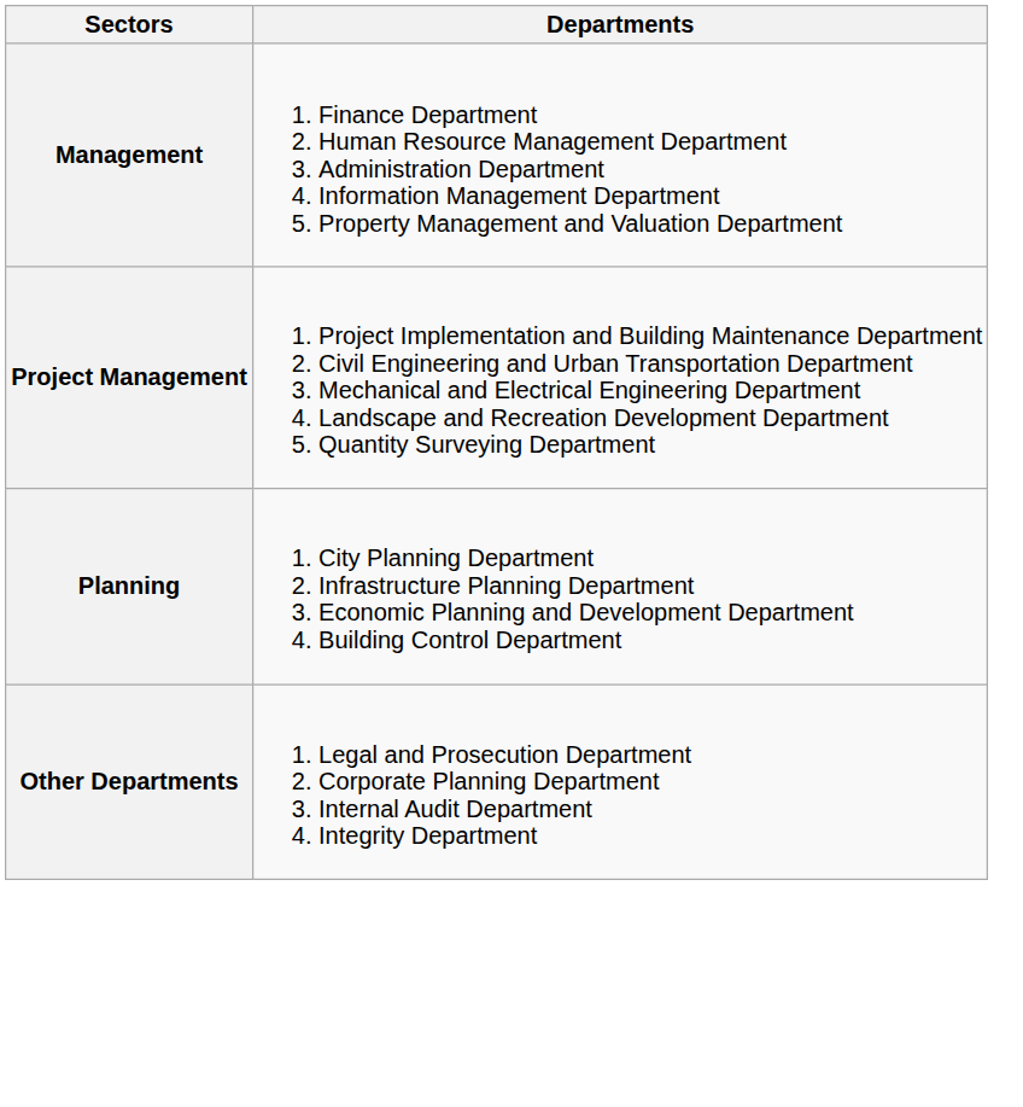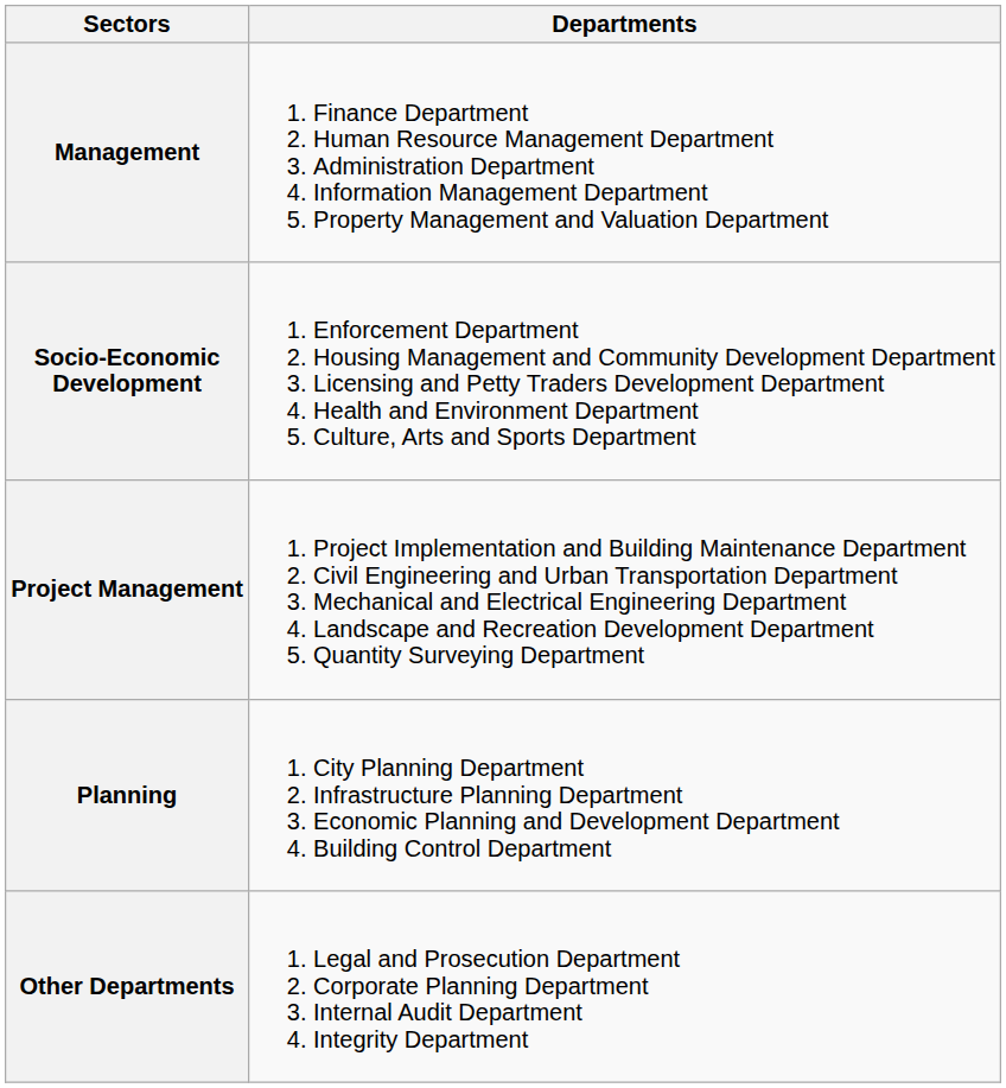 <table class="wikitable">
 <tr>
 <th>Sectors</th>
 <th>Departments</th>
 </tr>
 <tr>
 <th>Management</th>
 <td><br><ol><li>Finance Department</li><li>Human Resource Management Department</li><li>Administration Department</li><li>Information Management Department</li><li>Property Management and Valuation Department</li></ol></td>
+</tr>
+<tr>
+<th>Socio-Economic<br>Development</th>
+<td><br><ol><li>Enforcement Department</li><li>Housing Management and Community Development Department</li><li>Licensing and Petty Traders Development Department</li><li>Health and Environment Department</li><li>Culture, Arts and Sports Department</li></ol></td>
 </tr>
 <tr>
 <th>Project Management</th>
 <td><br><ol><li>Project Implementation and Building Maintenance Department</li><li>Civil Engineering and Urban Transportation Department</li><li>Mechanical and Electrical Engineering Department</li><li>Landscape and Recreation Development Department</li><li>Quantity Surveying Department</li></ol></td>
 </tr>
 <tr>
 <th>Planning</th>
 <td><br><ol><li>City Planning Department</li><li>Infrastructure Planning Department</li><li>Economic Planning and Development Department</li><li>Building Control Department</li></ol></td>
 </tr>
 <tr>
 <th>Other Departments</th>
 <td><br><ol><li>Legal and Prosecution Department</li><li>Corporate Planning Department</li><li>Internal Audit Department</li><li>Integrity Department</li></ol></td>
 </tr>
 </table>
